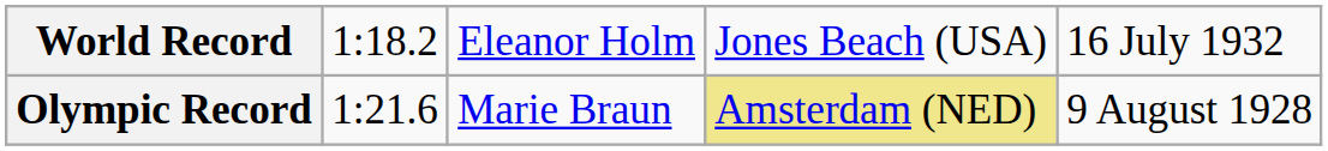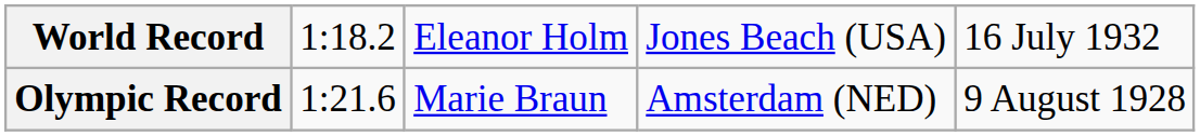 <table class="wikitable" style="font-size:95%;">
 <tr>
 <th>World Record</th>
 <td>1:18.2</td>
 <td> <a href='#'>Eleanor Holm</a></td>
 <td><a href='#'>Jones Beach</a> (USA)</td>
 <td>16 July 1932</td>
 </tr>
 <tr>
 <th>Olympic Record</th>
 <td>1:21.6</td>
 <td> <a href='#'>Marie Braun</a></td>
-<td style="background: khaki;"><a href='#'>Amsterdam</a> (NED)</td>
+<td><a href='#'>Amsterdam</a> (NED)</td>
 <td>9 August 1928</td>
 </tr>
 </table>
